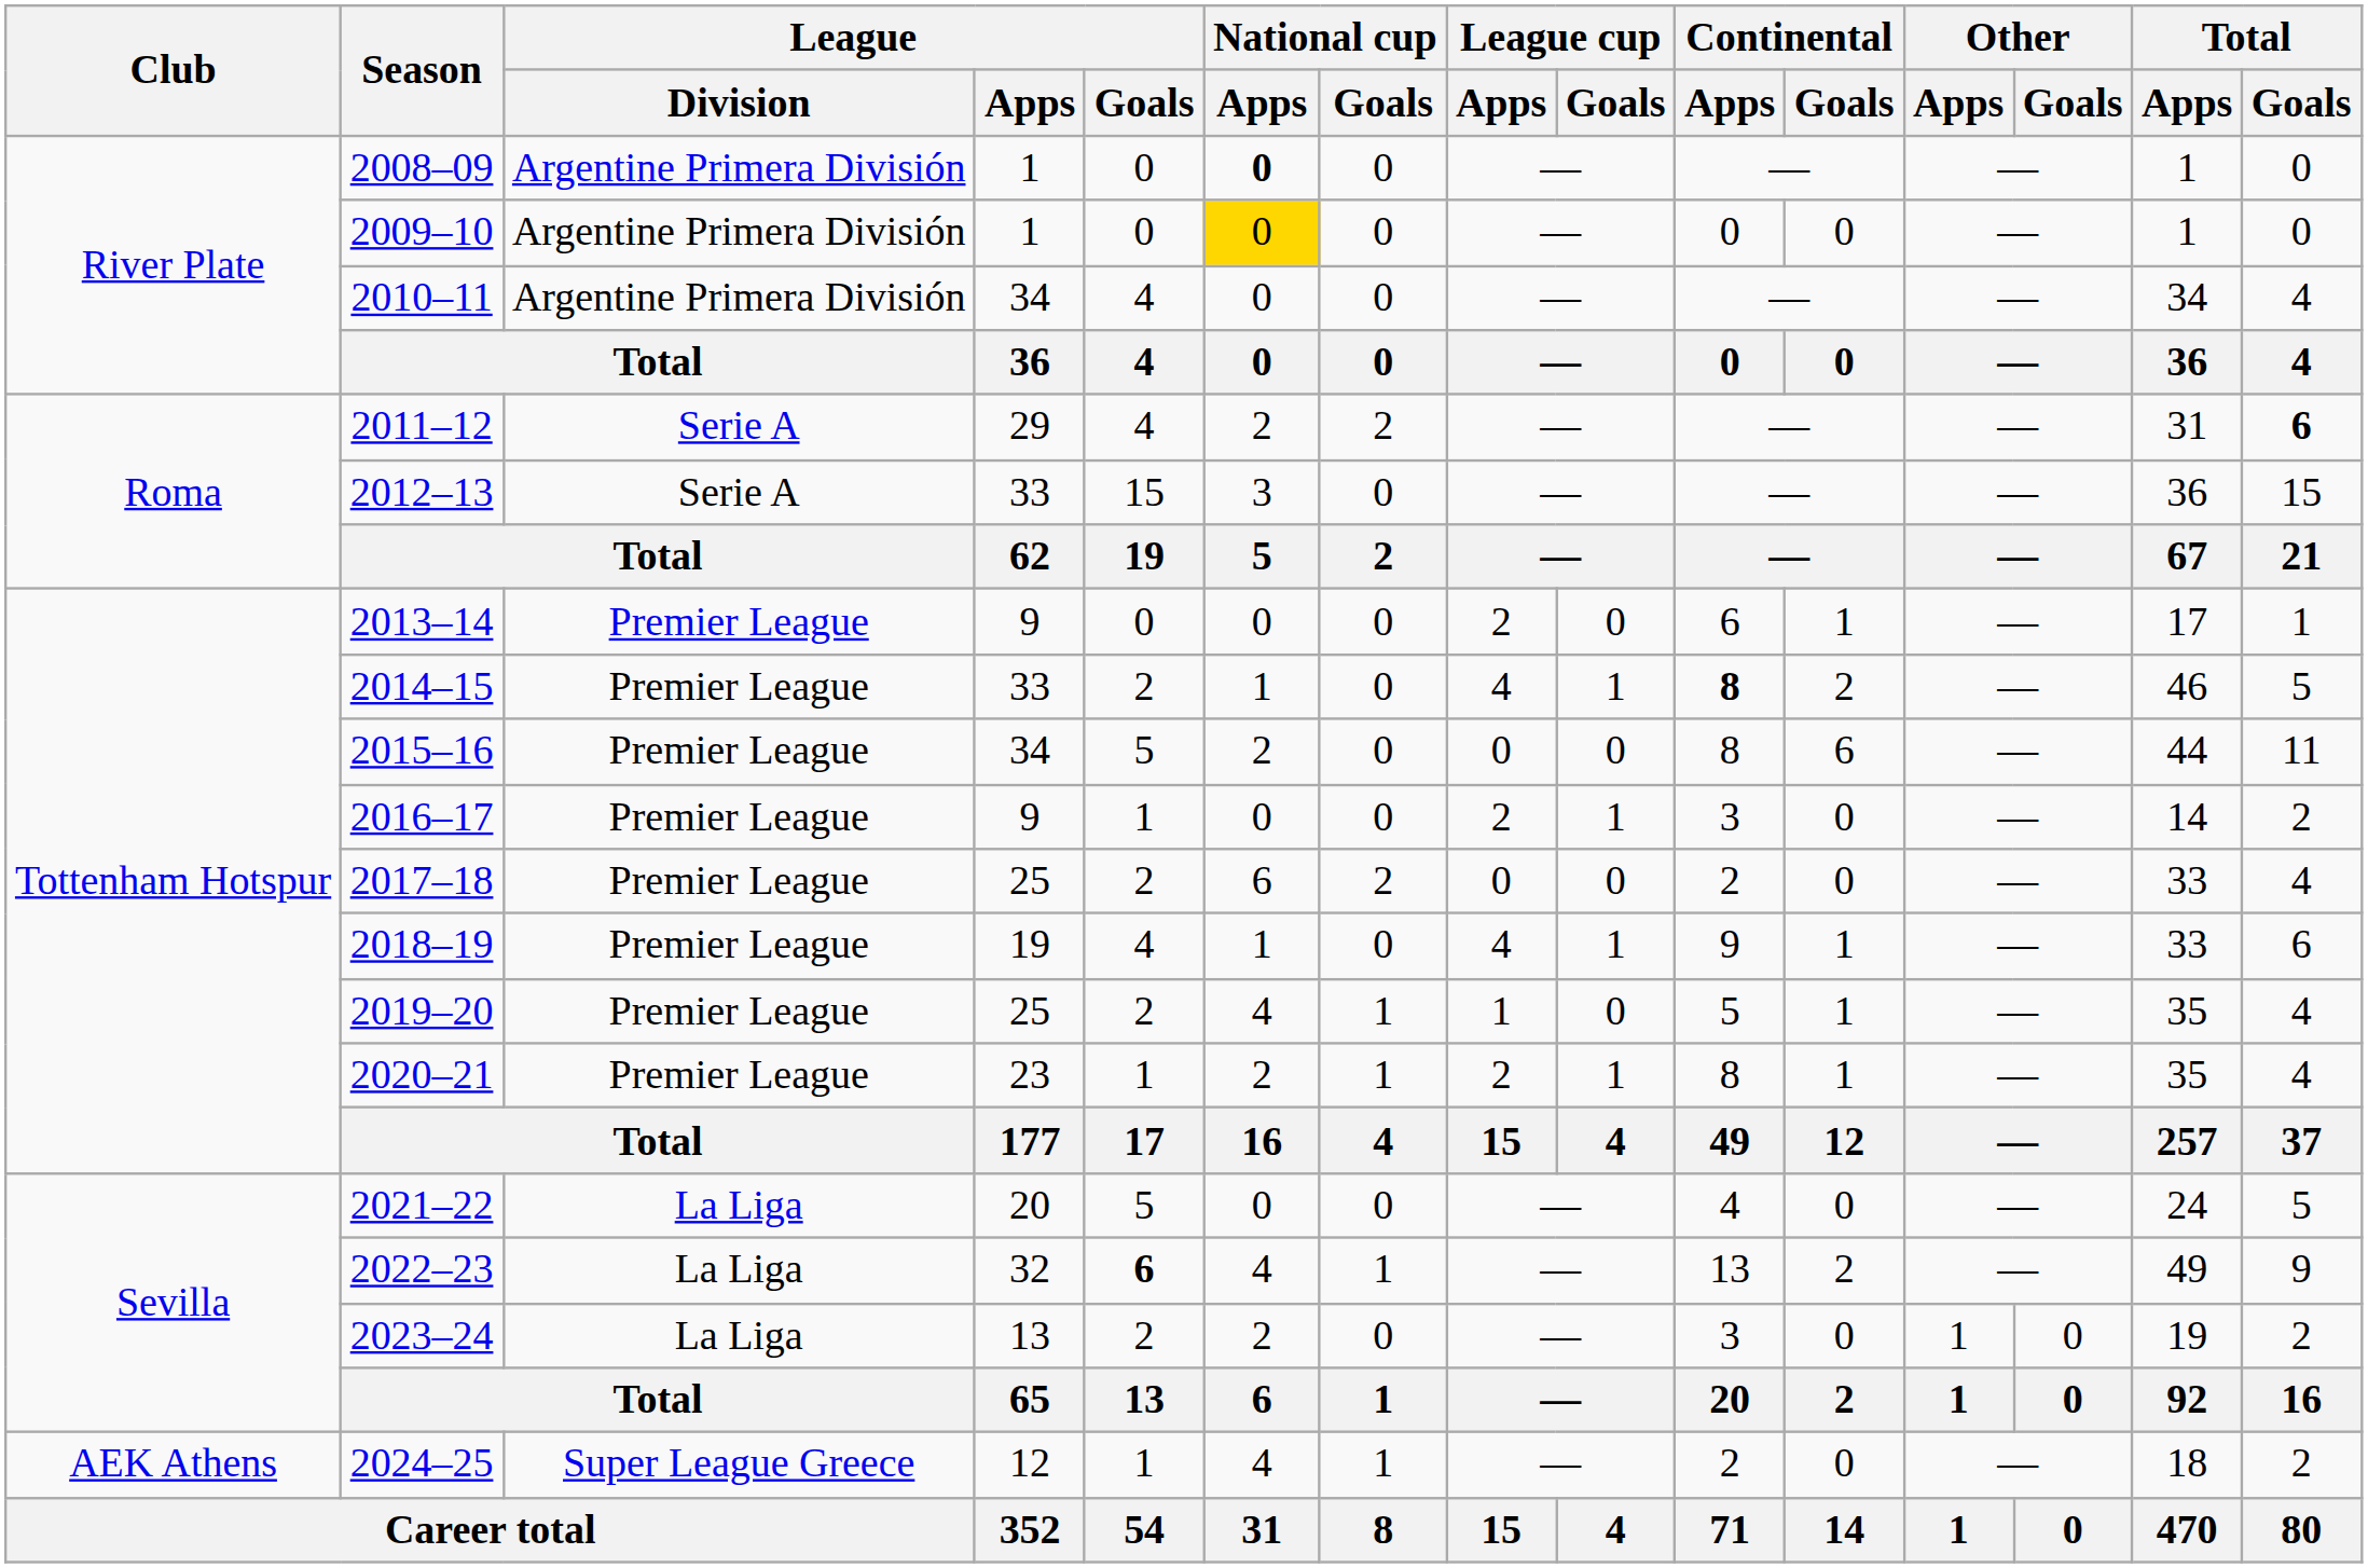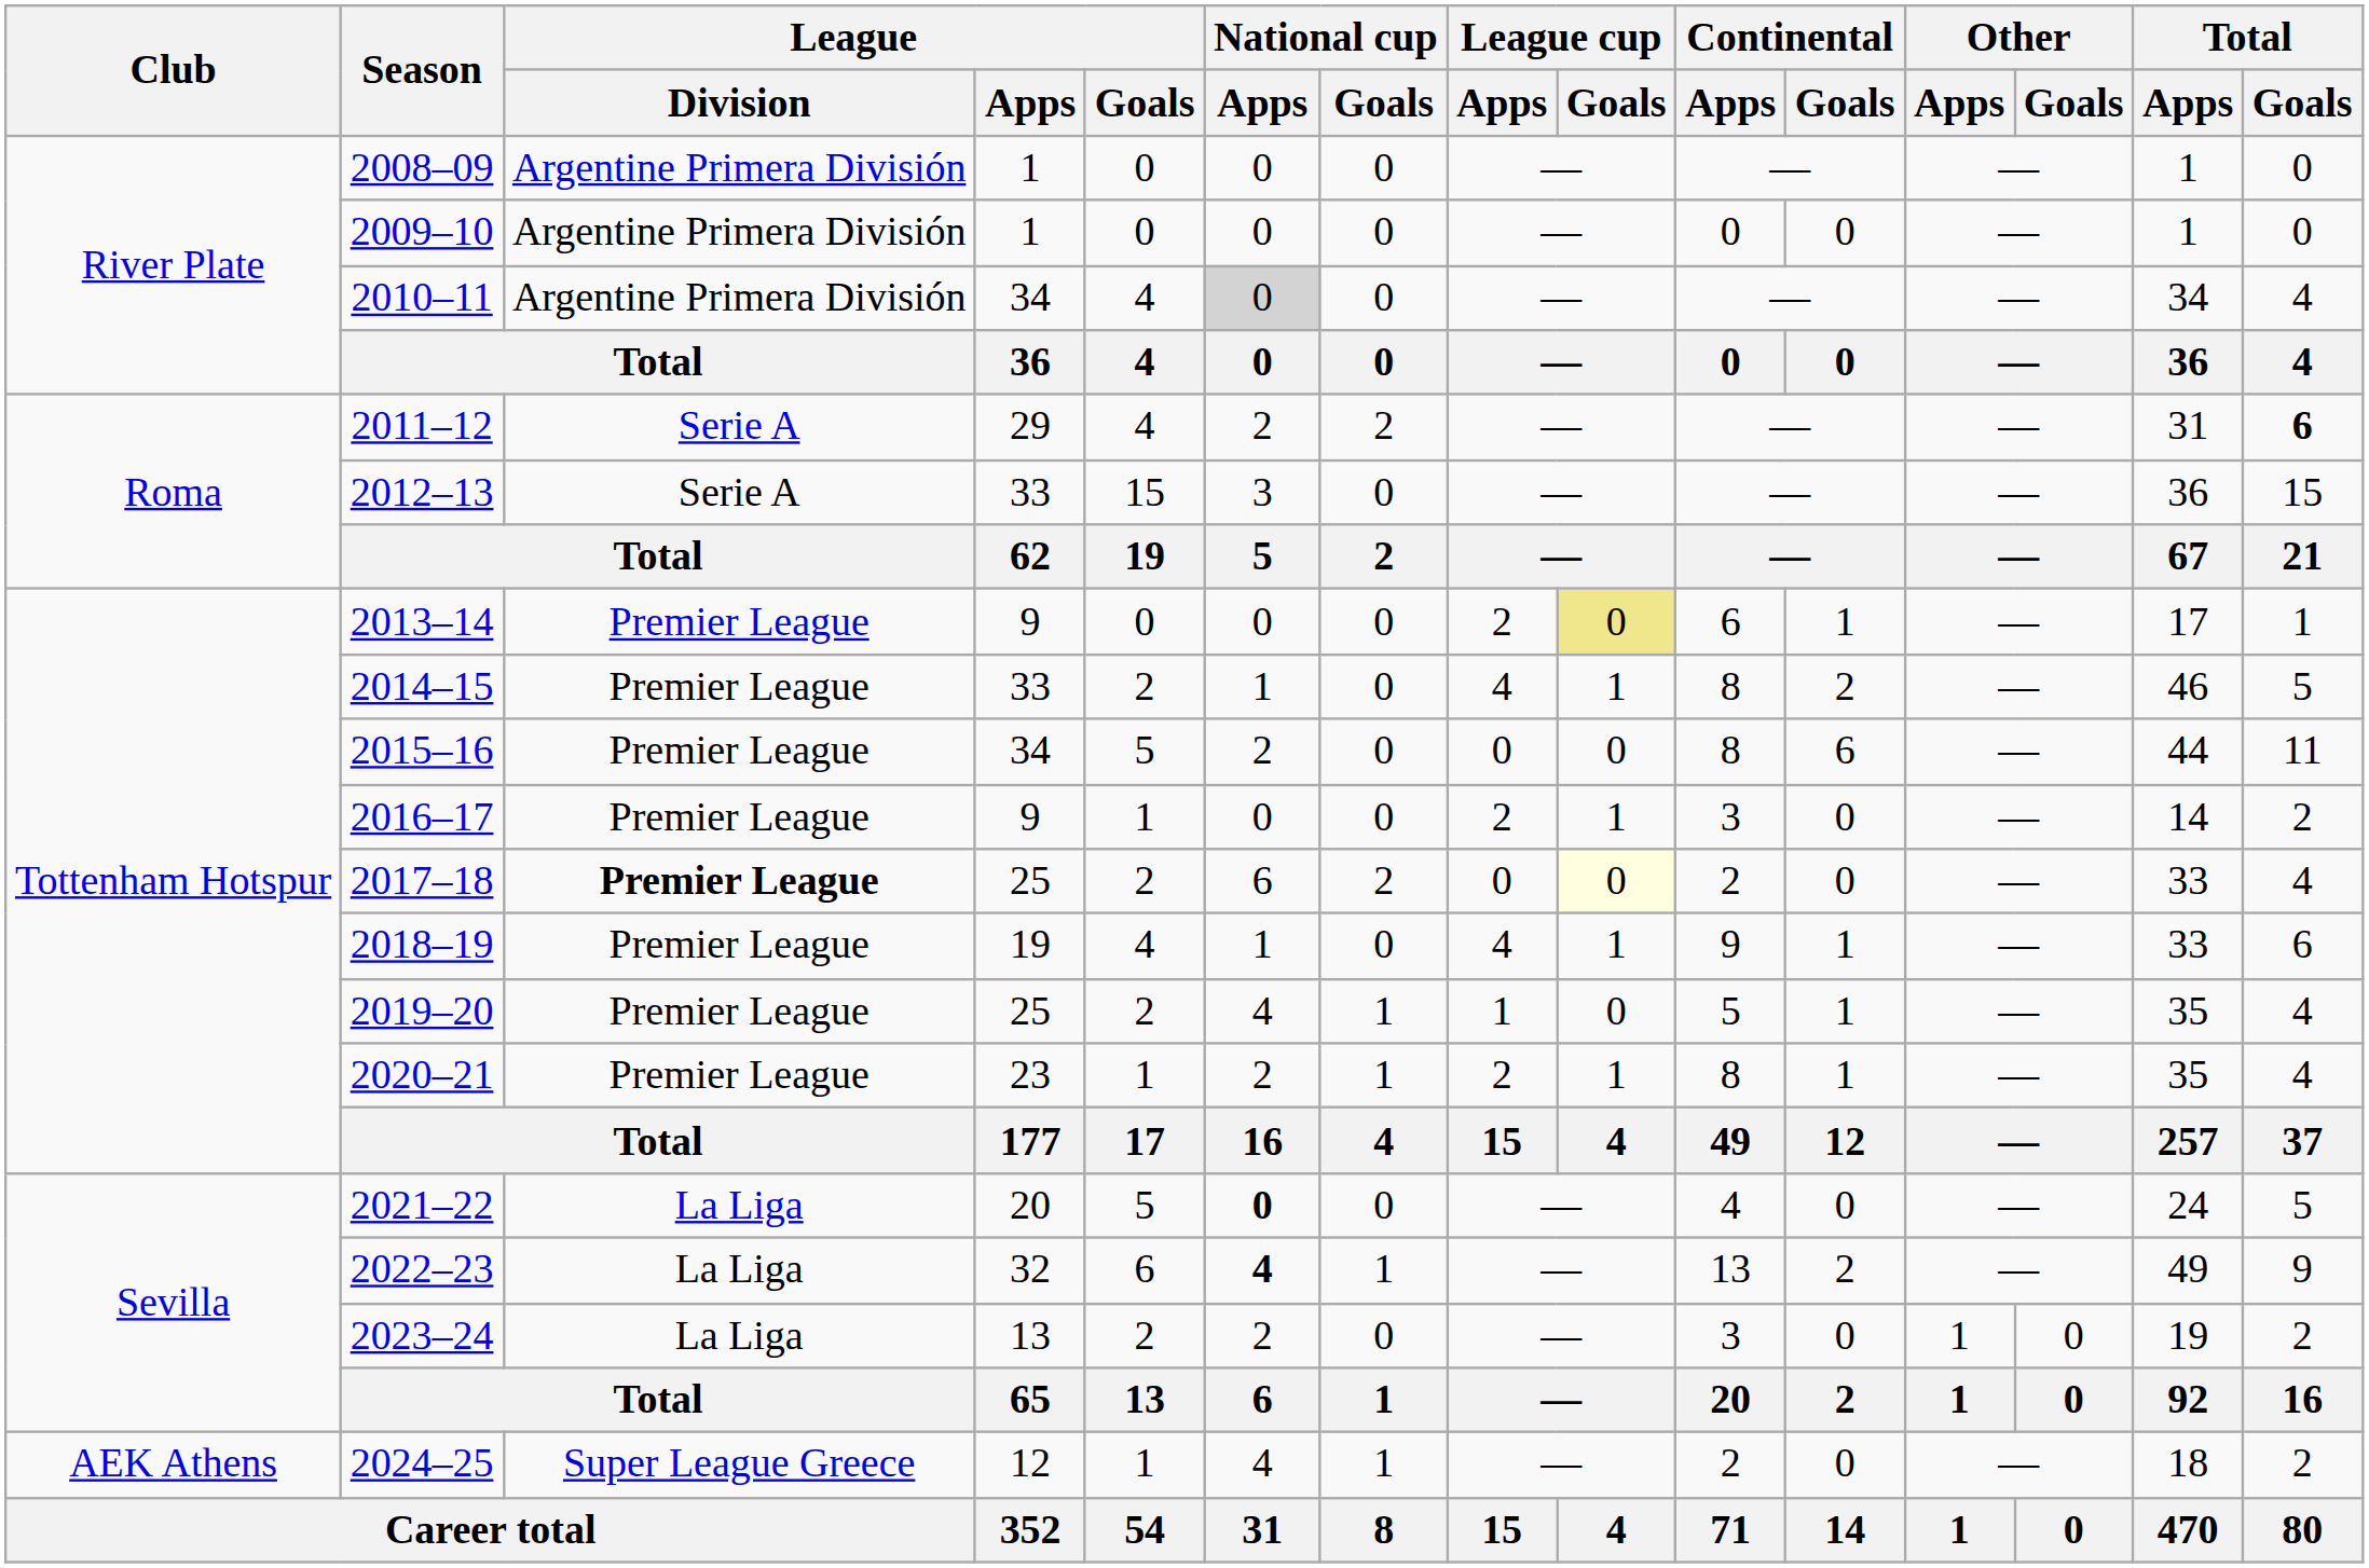 <table class="wikitable" style="text-align:center">
 <tr>
 <th rowspan="2">Club</th>
 <th rowspan="2">Season</th>
 <th colspan="3">League</th>
 <th colspan="2">National cup</th>
 <th colspan="2">League cup</th>
 <th colspan="2">Continental</th>
 <th colspan="2">Other</th>
 <th colspan="2">Total</th>
 </tr>
 <tr>
 <th>Division</th>
 <th>Apps</th>
 <th>Goals</th>
 <th>Apps</th>
 <th>Goals</th>
 <th>Apps</th>
 <th>Goals</th>
 <th>Apps</th>
 <th>Goals</th>
 <th>Apps</th>
 <th>Goals</th>
 <th>Apps</th>
 <th>Goals</th>
 </tr>
 <tr>
 <td rowspan="4"><a href='#'>River Plate</a></td>
 <td><a href='#'>2008–09</a></td>
 <td><a href='#'>Argentine Primera División</a></td>
 <td>1</td>
 <td>0</td>
-<td><strong>0</strong></td>
+<td>0</td>
 <td>0</td>
 <td colspan="2">—</td>
 <td colspan="2">—</td>
 <td colspan="2">—</td>
 <td>1</td>
 <td>0</td>
 </tr>
 <tr>
 <td><a href='#'>2009–10</a></td>
 <td>Argentine Primera División</td>
 <td>1</td>
 <td>0</td>
-<td style="background: gold;">0</td>
+<td>0</td>
 <td>0</td>
 <td colspan="2">—</td>
 <td>0</td>
 <td>0</td>
 <td colspan="2">—</td>
 <td>1</td>
 <td>0</td>
 </tr>
 <tr>
 <td><a href='#'>2010–11</a></td>
 <td>Argentine Primera División</td>
 <td>34</td>
 <td>4</td>
-<td>0</td>
+<td style="background: lightgrey;">0</td>
 <td>0</td>
 <td colspan="2">—</td>
 <td colspan="2">—</td>
 <td colspan="2">—</td>
 <td>34</td>
 <td>4</td>
 </tr>
 <tr>
 <th colspan="2">Total</th>
 <th>36</th>
 <th>4</th>
 <th>0</th>
 <th>0</th>
 <th colspan=2>—</th>
 <th>0</th>
 <th>0</th>
 <th colspan="2">—</th>
 <th>36</th>
 <th>4</th>
 </tr>
 <tr>
 <td rowspan="3"><a href='#'>Roma</a></td>
 <td><a href='#'>2011–12</a></td>
 <td><a href='#'>Serie A</a></td>
 <td>29</td>
 <td>4</td>
 <td>2</td>
 <td>2</td>
 <td colspan="2">—</td>
 <td colspan="2">—</td>
 <td colspan="2">—</td>
 <td>31</td>
 <td><strong>6</strong></td>
 </tr>
 <tr>
 <td><a href='#'>2012–13</a></td>
 <td>Serie A</td>
 <td>33</td>
 <td>15</td>
 <td>3</td>
 <td>0</td>
 <td colspan="2">—</td>
 <td colspan="2">—</td>
 <td colspan="2">—</td>
 <td>36</td>
 <td>15</td>
 </tr>
 <tr>
 <th colspan="2">Total</th>
 <th>62</th>
 <th>19</th>
 <th>5</th>
 <th>2</th>
 <th colspan="2">—</th>
 <th colspan="2">—</th>
 <th colspan="2">—</th>
 <th>67</th>
 <th>21</th>
 </tr>
 <tr>
 <td rowspan="9"><a href='#'>Tottenham Hotspur</a></td>
 <td><a href='#'>2013–14</a></td>
 <td><a href='#'>Premier League</a></td>
 <td>9</td>
 <td>0</td>
 <td>0</td>
 <td>0</td>
 <td>2</td>
-<td>0</td>
+<td style="background: khaki;">0</td>
 <td>6</td>
 <td>1</td>
 <td colspan="2">—</td>
 <td>17</td>
 <td>1</td>
 </tr>
 <tr>
 <td><a href='#'>2014–15</a></td>
 <td>Premier League</td>
 <td>33</td>
 <td>2</td>
 <td>1</td>
 <td>0</td>
 <td>4</td>
 <td>1</td>
-<td><strong>8</strong></td>
+<td>8</td>
 <td>2</td>
 <td colspan="2">—</td>
 <td>46</td>
 <td>5</td>
 </tr>
 <tr>
 <td><a href='#'>2015–16</a></td>
 <td>Premier League</td>
 <td>34</td>
 <td>5</td>
 <td>2</td>
 <td>0</td>
 <td>0</td>
 <td>0</td>
 <td>8</td>
 <td>6</td>
 <td colspan="2">—</td>
 <td>44</td>
 <td>11</td>
 </tr>
 <tr>
 <td><a href='#'>2016–17</a></td>
 <td>Premier League</td>
 <td>9</td>
 <td>1</td>
 <td>0</td>
 <td>0</td>
 <td>2</td>
 <td>1</td>
 <td>3</td>
 <td>0</td>
 <td colspan="2">—</td>
 <td>14</td>
 <td>2</td>
 </tr>
 <tr>
 <td><a href='#'>2017–18</a></td>
-<td>Premier League</td>
+<td><strong>Premier League</strong></td>
 <td>25</td>
 <td>2</td>
 <td>6</td>
 <td>2</td>
 <td>0</td>
-<td>0</td>
+<td style="background: lightyellow;">0</td>
 <td>2</td>
 <td>0</td>
 <td colspan="2">—</td>
 <td>33</td>
 <td>4</td>
 </tr>
 <tr>
 <td><a href='#'>2018–19</a></td>
 <td>Premier League</td>
 <td>19</td>
 <td>4</td>
 <td>1</td>
 <td>0</td>
 <td>4</td>
 <td>1</td>
 <td>9</td>
 <td>1</td>
 <td colspan="2">—</td>
 <td>33</td>
 <td>6</td>
 </tr>
 <tr>
 <td><a href='#'>2019–20</a></td>
 <td>Premier League</td>
 <td>25</td>
 <td>2</td>
 <td>4</td>
 <td>1</td>
 <td>1</td>
 <td>0</td>
 <td>5</td>
 <td>1</td>
 <td colspan="2">—</td>
 <td>35</td>
 <td>4</td>
 </tr>
 <tr>
 <td><a href='#'>2020–21</a></td>
 <td>Premier League</td>
 <td>23</td>
 <td>1</td>
 <td>2</td>
 <td>1</td>
 <td>2</td>
 <td>1</td>
 <td>8</td>
 <td>1</td>
 <td colspan="2">—</td>
 <td>35</td>
 <td>4</td>
 </tr>
 <tr>
 <th colspan="2">Total</th>
 <th>177</th>
 <th>17</th>
 <th>16</th>
 <th>4</th>
 <th>15</th>
 <th>4</th>
 <th>49</th>
 <th>12</th>
 <th colspan="2">—</th>
 <th>257</th>
 <th>37</th>
 </tr>
 <tr>
 <td rowspan="4"><a href='#'>Sevilla</a></td>
 <td><a href='#'>2021–22</a></td>
 <td><a href='#'>La Liga</a></td>
 <td>20</td>
 <td>5</td>
-<td>0</td>
+<td><strong>0</strong></td>
 <td>0</td>
 <td colspan="2">—</td>
 <td>4</td>
 <td>0</td>
 <td colspan="2">—</td>
 <td>24</td>
 <td>5</td>
 </tr>
 <tr>
 <td><a href='#'>2022–23</a></td>
 <td>La Liga</td>
 <td>32</td>
-<td><strong>6</strong></td>
-<td>4</td>
+<td>6</td>
+<td><strong>4</strong></td>
 <td>1</td>
 <td colspan="2">—</td>
 <td>13</td>
 <td>2</td>
 <td colspan="2">—</td>
 <td>49</td>
 <td>9</td>
 </tr>
 <tr>
 <td><a href='#'>2023–24</a></td>
 <td>La Liga</td>
 <td>13</td>
 <td>2</td>
 <td>2</td>
 <td>0</td>
 <td colspan="2">—</td>
 <td>3</td>
 <td>0</td>
 <td>1</td>
 <td>0</td>
 <td>19</td>
 <td>2</td>
 </tr>
 <tr>
 <th colspan="2">Total</th>
 <th>65</th>
 <th>13</th>
 <th>6</th>
 <th>1</th>
 <th colspan="2">—</th>
 <th>20</th>
 <th>2</th>
 <th>1</th>
 <th>0</th>
 <th>92</th>
 <th>16</th>
 </tr>
 <tr>
 <td><a href='#'>AEK Athens</a></td>
 <td><a href='#'>2024–25</a></td>
 <td><a href='#'>Super League Greece</a></td>
 <td>12</td>
 <td>1</td>
 <td>4</td>
 <td>1</td>
 <td colspan="2">—</td>
 <td>2</td>
 <td>0</td>
 <td colspan="2">—</td>
 <td>18</td>
 <td>2</td>
 </tr>
 <tr>
 <th colspan="3">Career total</th>
 <th>352</th>
 <th>54</th>
 <th>31</th>
 <th>8</th>
 <th>15</th>
 <th>4</th>
 <th>71</th>
 <th>14</th>
 <th>1</th>
 <th>0</th>
 <th>470</th>
 <th>80</th>
 </tr>
 </table>
